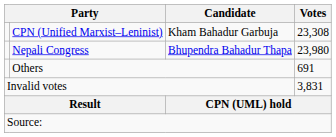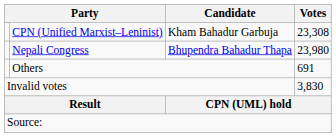 <table class="wikitable">
 <tr>
 <th colspan="2">Party</th>
 <th>Candidate</th>
 <th>Votes</th>
 </tr>
 <tr>
 <td style="background-color:"></td>
 <td><a href='#'>CPN (Unified Marxist–Leninist)</a></td>
 <td>Kham Bahadur Garbuja</td>
 <td>23,308</td>
 </tr>
 <tr>
 <td style="background-color:"></td>
 <td><a href='#'>Nepali Congress</a></td>
 <td><a href='#'>Bhupendra Bahadur Thapa</a></td>
 <td>23,980</td>
 </tr>
 <tr>
 <td></td>
 <td colspan="2">Others</td>
 <td>691</td>
 </tr>
 <tr>
 <td colspan="3">Invalid votes</td>
-<td>3,831</td>
+<td>3,830</td>
 </tr>
 <tr>
 <th colspan="2">Result</th>
 <th colspan="2">CPN (UML) hold</th>
 </tr>
 <tr>
 <td colspan="4">Source: </td>
 </tr>
 </table>
